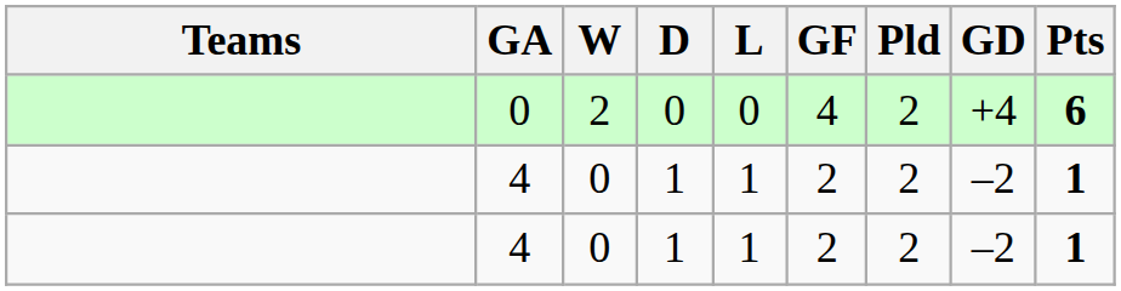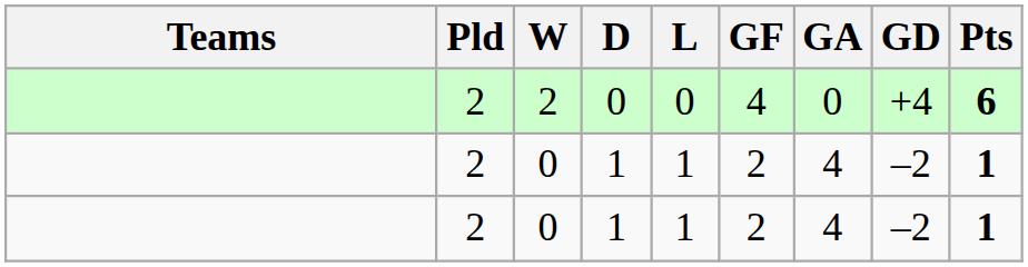 <table class="wikitable" style="text-align: center;">
 <tr>
 <th width=165>Teams</th>
-<th width=20>GA</th>
+<th width=20>Pld</th>
 <th width=20>W</th>
 <th width=20>D</th>
 <th width=20>L</th>
 <th width=20>GF</th>
-<th width=20>Pld</th>
+<th width=20>GA</th>
 <th width=20>GD</th>
 <th width=20>Pts</th>
 </tr>
 <tr align=center style="background:#ccffcc;">
 <td style="text-align:left;"></td>
-<td>0</td>
+<td>2</td>
 <td>2</td>
 <td>0</td>
 <td>0</td>
 <td>4</td>
-<td>2</td>
+<td>0</td>
 <td>+4</td>
 <td><strong>6</strong></td>
 </tr>
 <tr align=center>
 <td style="text-align:left;"></td>
-<td>4</td>
+<td>2</td>
 <td>0</td>
 <td>1</td>
 <td>1</td>
 <td>2</td>
-<td>2</td>
+<td>4</td>
 <td>–2</td>
 <td><strong>1</strong></td>
 </tr>
 <tr align=center>
 <td style="text-align:left;"></td>
-<td>4</td>
+<td>2</td>
 <td>0</td>
 <td>1</td>
 <td>1</td>
 <td>2</td>
-<td>2</td>
+<td>4</td>
 <td>–2</td>
 <td><strong>1</strong></td>
 </tr>
 </table>
